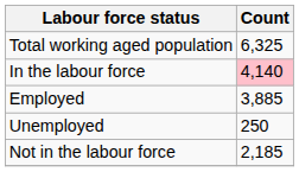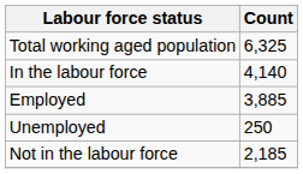 <table class="wikitable">
 <tr>
 <th>Labour force status</th>
 <th>Count</th>
 </tr>
 <tr>
 <td>Total working aged population</td>
 <td>6,325</td>
 </tr>
 <tr>
 <td>In the labour force</td>
-<td style="background: pink;">4,140</td>
+<td>4,140</td>
 </tr>
 <tr>
 <td>Employed</td>
 <td>3,885</td>
 </tr>
 <tr>
 <td>Unemployed</td>
 <td>250</td>
 </tr>
 <tr>
 <td>Not in the labour force</td>
 <td>2,185</td>
 </tr>
 <tr>
 </tr>
 </table>
